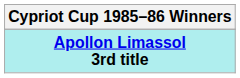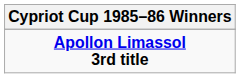 <table class="wikitable" style="text-align:center;margin: 0 auto;">
 <tr>
 <th>Cypriot Cup 1985–86 Winners</th>
 </tr>
 <tr>
 </tr>
 <tr>
-<td style="background: paleturquoise;"><strong><a href='#'>Apollon Limassol</a></strong><br><strong>3rd title</strong></td>
+<td><strong><a href='#'>Apollon Limassol</a></strong><br><strong>3rd title</strong></td>
 </tr>
 </table>
